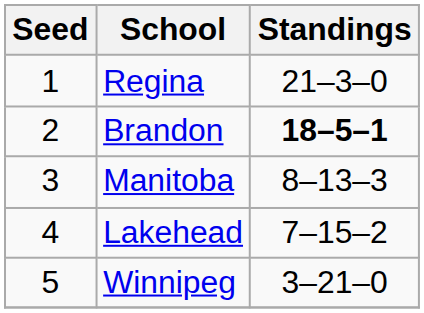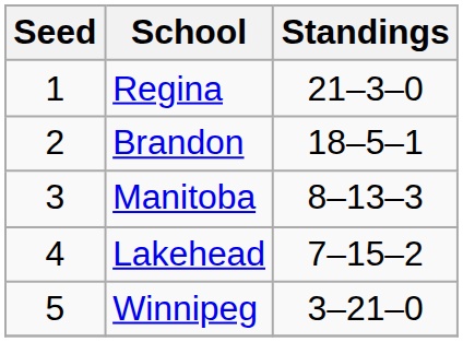 <table class="wikitable">
 <tr>
 <th>Seed</th>
 <th>School</th>
 <th>Standings</th>
 </tr>
 <tr>
 <td align=center>1</td>
 <td><a href='#'>Regina</a></td>
 <td align=center>21–3–0</td>
 </tr>
 <tr>
 <td align=center>2</td>
 <td><a href='#'>Brandon</a></td>
-<td align=center><strong>18–5–1</strong></td>
+<td align=center>18–5–1</td>
 </tr>
 <tr>
 <td align=center>3</td>
 <td><a href='#'>Manitoba</a></td>
 <td align=center>8–13–3</td>
 </tr>
 <tr>
 <td align=center>4</td>
 <td><a href='#'>Lakehead</a></td>
 <td align=center>7–15–2</td>
 </tr>
 <tr>
 <td align=center>5</td>
 <td><a href='#'>Winnipeg</a></td>
 <td align=center>3–21–0</td>
 </tr>
 <tr>
 </tr>
 </table>
